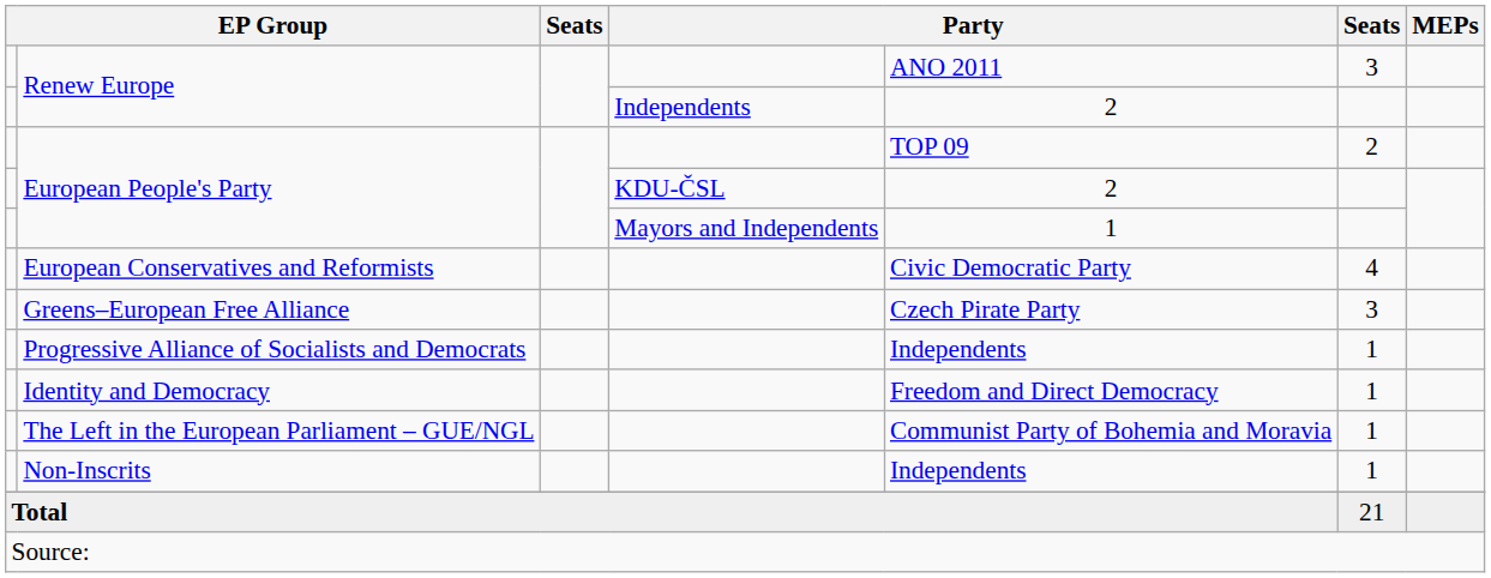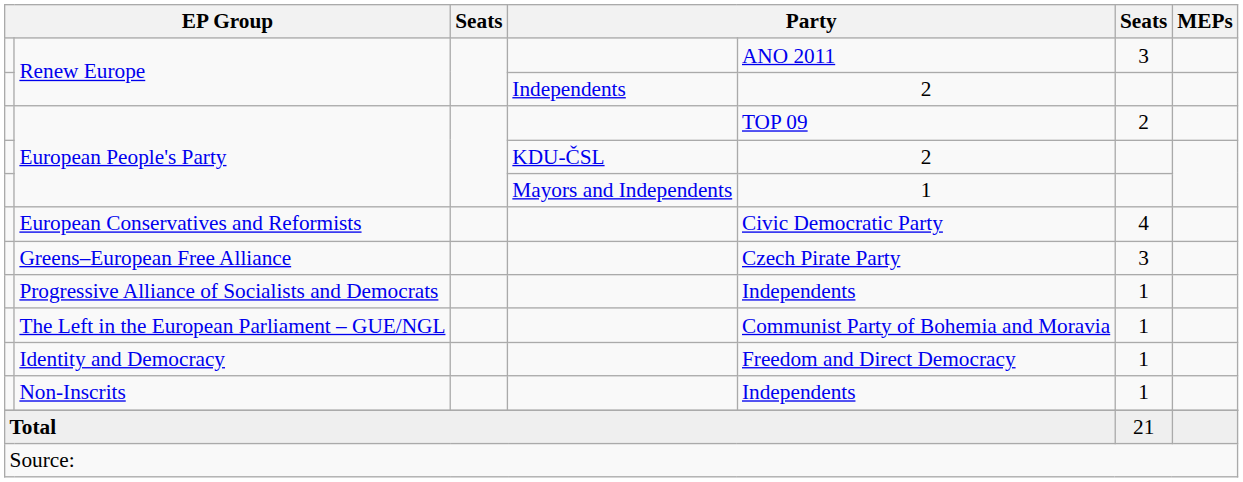 <table class="wikitable">
 <tr>
 <th colspan=2>EP Group</th>
 <th>Seats</th>
 <th colspan=2>Party</th>
 <th>Seats</th>
 <th>MEPs</th>
 </tr>
 <tr>
 <td></td>
 <td rowspan="2"><a href='#'>Renew Europe</a></td>
 <td rowspan="2"></td>
 <td style="color:inherit;background:"></td>
 <td><a href='#'>ANO 2011</a></td>
 <td align=center>3</td>
 <td></td>
 </tr>
 <tr>
 <td style="color:inherit;background:"></td>
 <td><a href='#'>Independents</a></td>
 <td align=center>2</td>
 <td></td>
 </tr>
 <tr>
 <td></td>
 <td rowspan="3"><a href='#'>European People's Party</a></td>
 <td rowspan="3"></td>
 <td style="color:inherit;background:"></td>
 <td><a href='#'>TOP 09</a></td>
 <td align=center>2</td>
 <td></td>
 </tr>
 <tr>
 <td style="color:inherit;background:"></td>
 <td><a href='#'>KDU-ČSL</a></td>
 <td align=center>2</td>
 <td></td>
 </tr>
 <tr>
 <td style="color:inherit;background:"></td>
 <td><a href='#'>Mayors and Independents</a></td>
 <td align=center>1</td>
 <td></td>
 </tr>
 <tr>
 <td style="color:inherit;background:"></td>
 <td><a href='#'>European Conservatives and Reformists</a></td>
 <td></td>
 <td style="color:inherit;background:"></td>
 <td><a href='#'>Civic Democratic Party</a></td>
 <td align=center>4</td>
 <td></td>
 </tr>
 <tr>
 <td style="color:inherit;background:"></td>
 <td><a href='#'>Greens–European Free Alliance</a></td>
 <td></td>
 <td style="color:inherit;background:"></td>
 <td><a href='#'>Czech Pirate Party</a></td>
 <td align=center>3</td>
 <td></td>
 </tr>
 <tr>
 <td style="color:inherit;background:"></td>
 <td><a href='#'>Progressive Alliance of Socialists and Democrats</a></td>
 <td></td>
 <td style="color:inherit;background:"></td>
 <td><a href='#'>Independents</a></td>
 <td align=center>1</td>
 <td></td>
 </tr>
 <tr>
 <td style="color:inherit;background:"></td>
-<td><a href='#'>Identity and Democracy</a></td>
+<td><a href='#'>The Left in the European Parliament – GUE/NGL</a></td>
 <td></td>
 <td style="color:inherit;background:"></td>
-<td><a href='#'>Freedom and Direct Democracy</a></td>
+<td><a href='#'>Communist Party of Bohemia and Moravia</a></td>
 <td align=center>1</td>
 <td></td>
 </tr>
 <tr>
 <td style="color:inherit;background:"></td>
-<td><a href='#'>The Left in the European Parliament – GUE/NGL</a></td>
+<td><a href='#'>Identity and Democracy</a></td>
 <td></td>
 <td style="color:inherit;background:"></td>
-<td><a href='#'>Communist Party of Bohemia and Moravia</a></td>
+<td><a href='#'>Freedom and Direct Democracy</a></td>
 <td align=center>1</td>
 <td></td>
 </tr>
 <tr>
 <td style="color:inherit;background:"></td>
 <td><a href='#'>Non-Inscrits</a></td>
 <td></td>
 <td style="color:inherit;background:"></td>
 <td><a href='#'>Independents</a></td>
 <td align=center>1</td>
 <td></td>
 </tr>
 <tr>
 </tr>
 <tr bgcolor="EFEFEF">
 <td colspan=5 align=left><strong>Total</strong></td>
 <td align=center>21</td>
 <td></td>
 </tr>
 <tr>
 <td colspan="7">Source: </td>
 </tr>
 </table>
